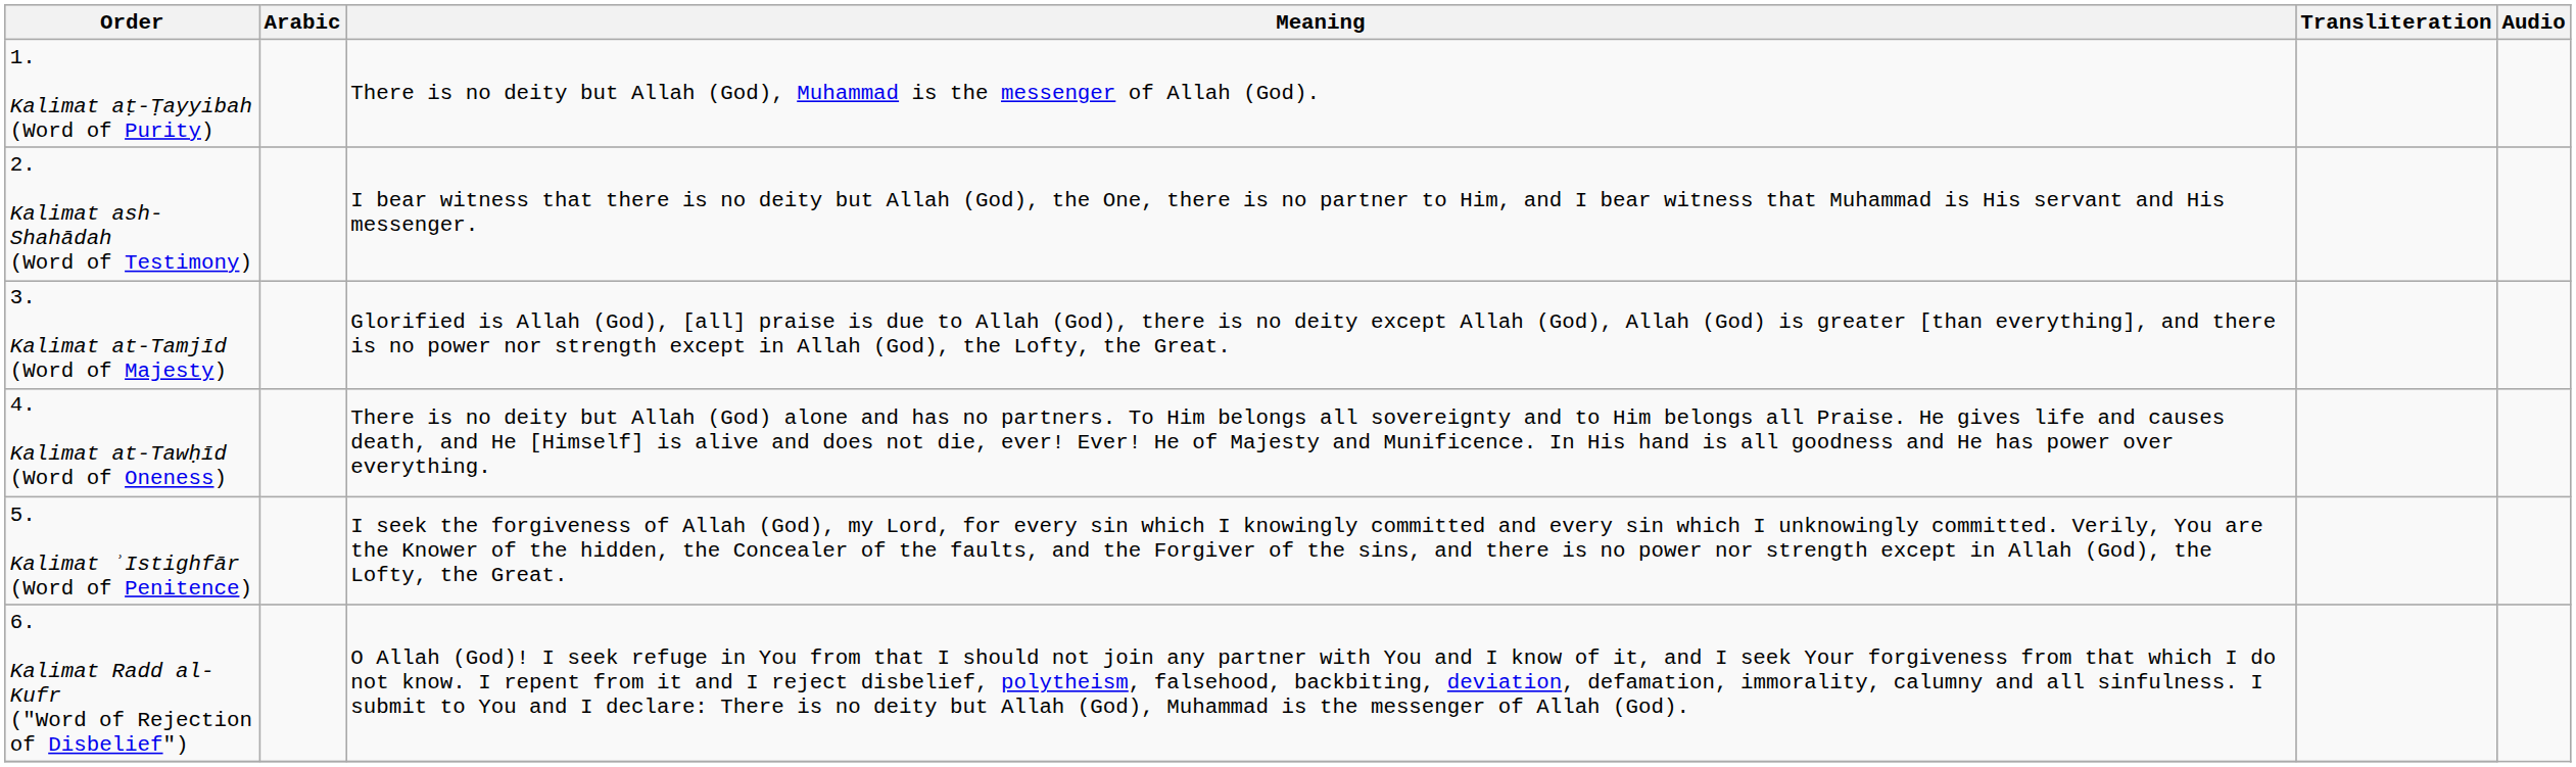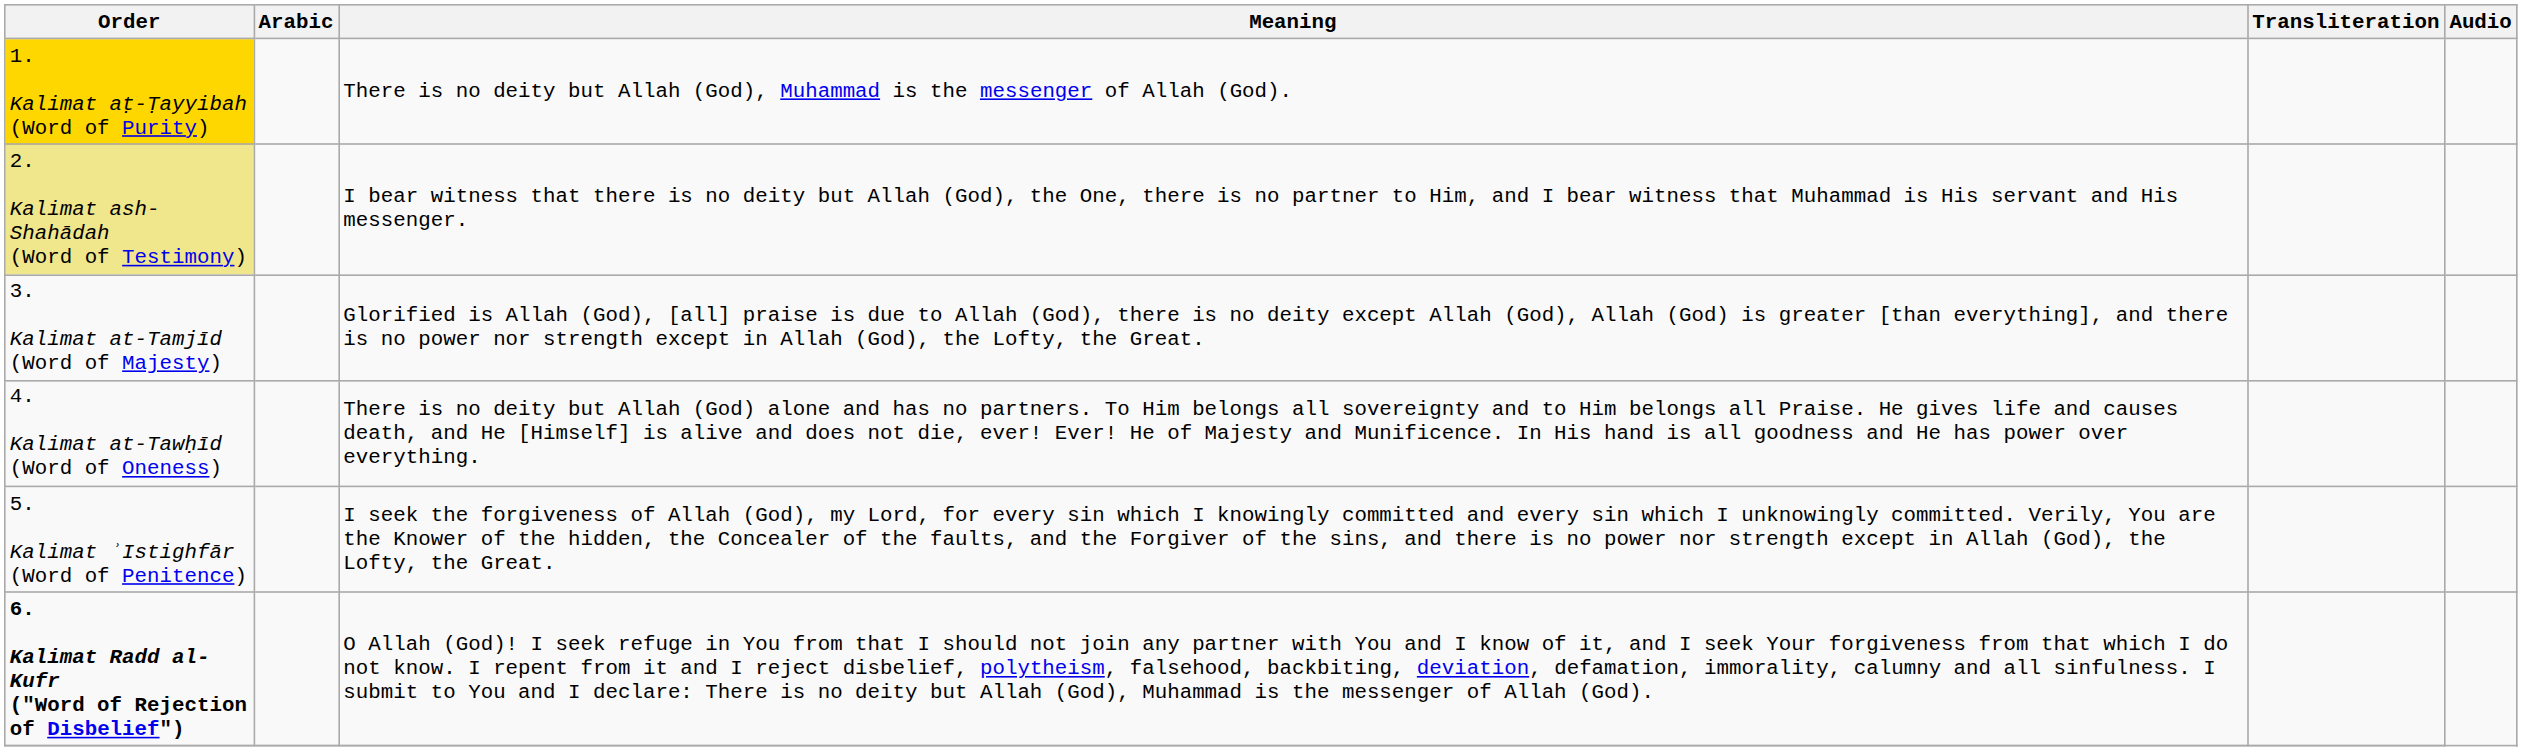 <table class="wikitable">
 <tr>
 <th><strong>Order</strong></th>
 <th><strong>Arabic</strong></th>
 <th><strong>Meaning</strong></th>
 <th><strong>Transliteration</strong></th>
 <th><strong>Audio</strong></th>
 </tr>
 <tr>
-<td>1.<br><br><em>Kalimat aṭ-Ṭayyibah</em><br>(Word of <a href='#'>Purity</a>)</td>
+<td style="background: gold;">1.<br><br><em>Kalimat aṭ-Ṭayyibah</em><br>(Word of <a href='#'>Purity</a>)</td>
 <td></td>
 <td>There is no deity but Allah (God), <a href='#'>Muhammad</a> is the <a href='#'>messenger</a> of Allah (God).</td>
 <td></td>
 <td></td>
 </tr>
 <tr>
-<td>2.<br><br><em>Kalimat ash-Shahādah</em><br>(Word of <a href='#'>Testimony</a>)</td>
+<td style="background: khaki;">2.<br><br><em>Kalimat ash-Shahādah</em><br>(Word of <a href='#'>Testimony</a>)</td>
 <td></td>
 <td>I bear witness that there is no deity but Allah (God), the One, there is no partner to Him, and I bear witness that Muhammad is His servant and His messenger.</td>
 <td></td>
 <td></td>
 </tr>
 <tr>
 <td>3.<br><br><em>Kalimat at-Tamjīd</em><br>(Word of <a href='#'>Majesty</a>)</td>
 <td></td>
 <td>Glorified is Allah (God), [all] praise is due to Allah (God), there is no deity except Allah (God), Allah (God) is greater [than everything], and there is no power nor strength except in Allah (God), the Lofty, the Great.</td>
 <td></td>
 <td></td>
 </tr>
 <tr>
 <td>4.<br><br><em>Kalimat at-Tawḥīd</em><br>(Word of <a href='#'>Oneness</a>)</td>
 <td></td>
 <td>There is no deity but Allah (God) alone and has no partners. To Him belongs all sovereignty and to Him belongs all Praise. He gives life and causes death, and He [Himself] is alive and does not die, ever! Ever! He of Majesty and Munificence. In His hand is all goodness and He has power over everything.</td>
 <td></td>
 <td></td>
 </tr>
 <tr>
 <td>5.<br><br><em>Kalimat ʾIstighfār</em><br>(Word of <a href='#'>Penitence</a>)</td>
 <td></td>
 <td>I seek the forgiveness of Allah (God), my Lord, for every sin which I knowingly committed and every sin which I unknowingly committed. Verily, You are the Knower of the hidden, the Concealer of the faults, and the Forgiver of the sins, and there is no power nor strength except in Allah (God), the Lofty, the Great.</td>
 <td></td>
 <td></td>
 </tr>
 <tr>
-<td>6.<br><br><em>Kalimat Radd al-Kufr</em><br>("Word of Rejection of <a href='#'>Disbelief</a>")</td>
+<td><strong>6.<br><br><em>Kalimat Radd al-Kufr</em><br>("Word of Rejection of <a href='#'>Disbelief</a>")</strong></td>
 <td></td>
 <td>O Allah (God)! I seek refuge in You from that I should not join any partner with You and I know of it, and I seek Your forgiveness from that which I do not know. I repent from it and I reject disbelief, <a href='#'>polytheism</a>, falsehood, backbiting, <a href='#'>deviation</a>, defamation, immorality, calumny and all sinfulness. I submit to You and I declare: There is no deity but Allah (God), Muhammad is the messenger of Allah (God).</td>
 <td></td>
 </tr>
 <tr>
 </tr>
 </table>
